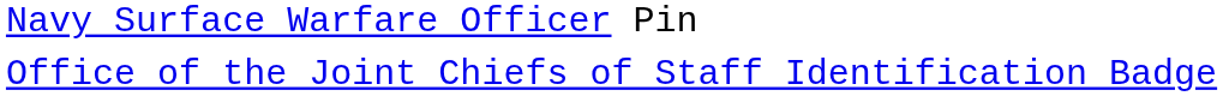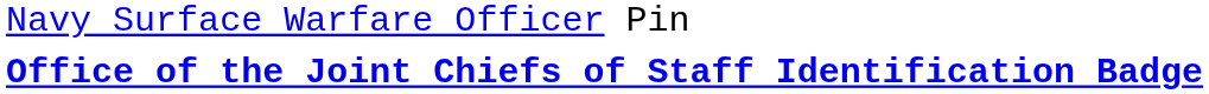 <table>
 <tr>
 <td> <a href='#'>Navy Surface Warfare Officer</a> Pin</td>
 </tr>
 <tr>
-<td> <a href='#'>Office of the Joint Chiefs of Staff Identification Badge</a></td>
+<td><strong> <a href='#'>Office of the Joint Chiefs of Staff Identification Badge</a></strong></td>
 </tr>
 </table>
